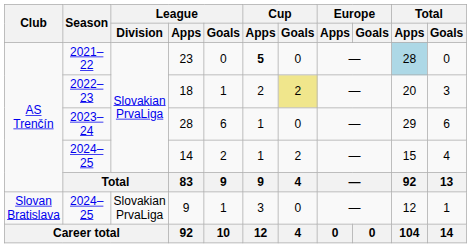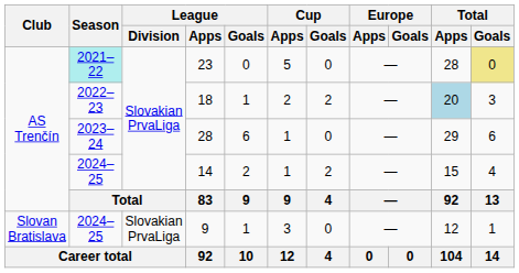 <table class="wikitable" style="text-align: center">
 <tr>
 <th rowspan="2">Club</th>
 <th rowspan="2">Season</th>
 <th colspan="3">League</th>
 <th colspan="2">Cup</th>
 <th colspan="2">Europe</th>
 <th colspan="2">Total</th>
 </tr>
 <tr>
 <th>Division</th>
 <th>Apps</th>
 <th>Goals</th>
 <th>Apps</th>
 <th>Goals</th>
 <th>Apps</th>
 <th>Goals</th>
 <th>Apps</th>
 <th>Goals</th>
 </tr>
 <tr>
 <td rowspan="5"><a href='#'>AS Trenčín</a></td>
-<td><a href='#'>2021–22</a></td>
+<td style="background: paleturquoise;"><a href='#'>2021–22</a></td>
 <td rowspan="4"><a href='#'>Slovakian PrvaLiga</a></td>
 <td>23</td>
 <td>0</td>
-<td><strong>5</strong></td>
+<td>5</td>
 <td>0</td>
 <td colspan="2">—</td>
-<td style="background: lightblue;">28</td>
-<td>0</td>
+<td>28</td>
+<td style="background: khaki;">0</td>
 </tr>
 <tr>
 <td><a href='#'>2022–23</a></td>
 <td>18</td>
 <td>1</td>
 <td>2</td>
-<td style="background: khaki;">2</td>
+<td>2</td>
 <td colspan="2">—</td>
-<td>20</td>
+<td style="background: lightblue;">20</td>
 <td>3</td>
 </tr>
 <tr>
 <td><a href='#'>2023–24</a></td>
 <td>28</td>
 <td>6</td>
 <td>1</td>
 <td>0</td>
 <td colspan="2">—</td>
 <td>29</td>
 <td>6</td>
 </tr>
 <tr>
 <td><a href='#'>2024–25</a></td>
 <td>14</td>
 <td>2</td>
 <td>1</td>
 <td>2</td>
 <td colspan="2">—</td>
 <td>15</td>
 <td>4</td>
 </tr>
 <tr>
 <th colspan="2">Total</th>
 <th>83</th>
 <th>9</th>
 <th>9</th>
 <th>4</th>
 <th colspan="2">—</th>
 <th>92</th>
 <th>13</th>
 </tr>
 <tr>
 <td><a href='#'>Slovan Bratislava</a></td>
 <td><a href='#'>2024–25</a></td>
 <td>Slovakian PrvaLiga</td>
 <td>9</td>
 <td>1</td>
 <td>3</td>
 <td>0</td>
 <td colspan="2">—</td>
 <td>12</td>
 <td>1</td>
 </tr>
 <tr>
 <th colspan="3">Career total</th>
 <th>92</th>
 <th>10</th>
 <th>12</th>
 <th>4</th>
 <th>0</th>
 <th>0</th>
 <th>104</th>
 <th>14</th>
 </tr>
 </table>
